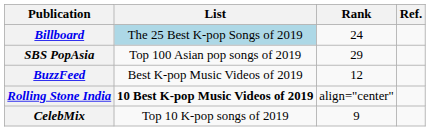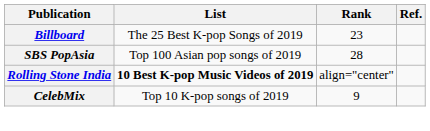 <table class="wikitable plainrowheaders sortable">
 <tr>
 <th>Publication</th>
 <th>List</th>
 <th>Rank</th>
 <th>Ref.</th>
 </tr>
 <tr>
 <th scope="row"><em><a href='#'>Billboard</a></em></th>
-<td align="center" style="background: lightblue;">The 25 Best K-pop Songs of 2019</td>
-<td align="center">24</td>
+<td align="center">The 25 Best K-pop Songs of 2019</td>
+<td align="center">23</td>
 <td align="center"></td>
 </tr>
 <tr>
 <th scope="row"><em>SBS PopAsia</em></th>
 <td align="center">Top 100 Asian pop songs of 2019</td>
-<td align="center">29</td>
-<td align="center"></td>
-</tr>
-<tr>
-<th scope="row"><em><a href='#'>BuzzFeed</a></em></th>
-<td align="center">Best K-pop Music Videos of 2019</td>
-<td align="center">12</td>
+<td align="center">28</td>
 <td align="center"></td>
 </tr>
 <tr>
 <th scope="row"><em><a href='#'>Rolling Stone India</a></em></th>
 <td align="center"><strong>10 Best K-pop Music Videos of 2019</strong></td>
 <td>align="center" </td>
 <td align="center"></td>
 </tr>
 <tr>
 <th scope="row"><em>CelebMix</em></th>
 <td align="center">Top 10 K-pop songs of 2019</td>
 <td align="center">9</td>
 <td align="center"></td>
 </tr>
 </table>
